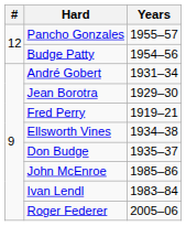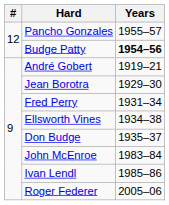 <table class=wikitable style="display:inline-table;">
 <tr>
 <th>#</th>
 <th>Hard</th>
 <th>Years</th>
 </tr>
 <tr>
 <td rowspan="2">12</td>
 <td> <a href='#'>Pancho Gonzales</a></td>
 <td>1955–57</td>
 </tr>
 <tr>
 <td> <a href='#'>Budge Patty</a></td>
-<td>1954–56</td>
+<td><strong>1954–56</strong></td>
 </tr>
 <tr>
 <td rowspan="8">9</td>
 <td> <a href='#'>André Gobert</a></td>
-<td>1931–34</td>
+<td>1919–21</td>
 </tr>
 <tr>
 <td> <a href='#'>Jean Borotra</a></td>
 <td>1929–30</td>
 </tr>
 <tr>
 <td> <a href='#'>Fred Perry</a></td>
-<td>1919–21</td>
+<td>1931–34</td>
 </tr>
 <tr>
 <td> <a href='#'>Ellsworth Vines</a></td>
 <td>1934–38</td>
 </tr>
 <tr>
 <td> <a href='#'>Don Budge</a></td>
 <td>1935–37</td>
 </tr>
 <tr>
 <td> <a href='#'>John McEnroe</a></td>
-<td>1985–86</td>
+<td>1983–84</td>
 </tr>
 <tr>
 <td> <a href='#'>Ivan Lendl</a></td>
-<td>1983–84</td>
+<td>1985–86</td>
 </tr>
 <tr>
 <td> <a href='#'>Roger Federer</a></td>
 <td>2005–06</td>
 </tr>
 </table>
